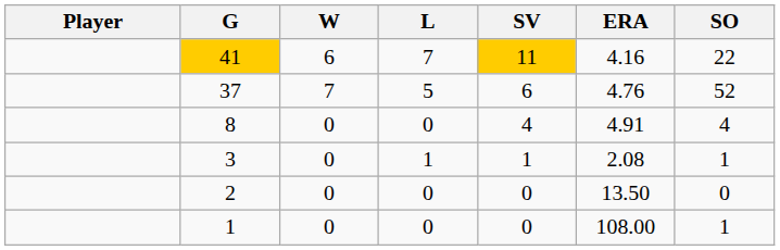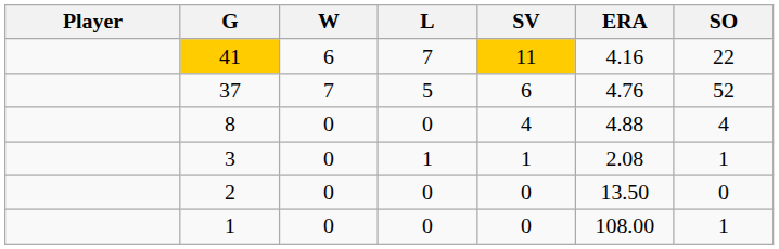 <table class="wikitable sortable">
 <tr>
 <th bgcolor="#DDDDFF" width="16%">Player</th>
 <th bgcolor="#DDDDFF" width="9%">G</th>
 <th bgcolor="#DDDDFF" width="9%">W</th>
 <th bgcolor="#DDDDFF" width="9%">L</th>
 <th bgcolor="#DDDDFF" width="9%">SV</th>
 <th bgcolor="#DDDDFF" width="9%">ERA</th>
 <th bgcolor="#DDDDFF" width="9%">SO</th>
 </tr>
 <tr align="center">
 <td></td>
 <td style="background:#fc0;">41</td>
 <td>6</td>
 <td>7</td>
 <td style="background:#fc0;">11</td>
 <td>4.16</td>
 <td>22</td>
 </tr>
 <tr align="center">
 <td></td>
 <td>37</td>
 <td>7</td>
 <td>5</td>
 <td>6</td>
 <td>4.76</td>
 <td>52</td>
 </tr>
 <tr align="center">
 <td></td>
 <td>8</td>
 <td>0</td>
 <td>0</td>
 <td>4</td>
-<td>4.91</td>
+<td>4.88</td>
 <td>4</td>
 </tr>
 <tr align="center">
 <td></td>
 <td>3</td>
 <td>0</td>
 <td>1</td>
 <td>1</td>
 <td>2.08</td>
 <td>1</td>
 </tr>
 <tr align="center">
 <td></td>
 <td>2</td>
 <td>0</td>
 <td>0</td>
 <td>0</td>
 <td>13.50</td>
 <td>0</td>
 </tr>
 <tr align="center">
 <td></td>
 <td>1</td>
 <td>0</td>
 <td>0</td>
 <td>0</td>
 <td>108.00</td>
 <td>1</td>
 </tr>
 </table>
